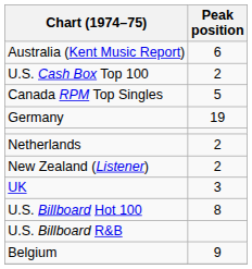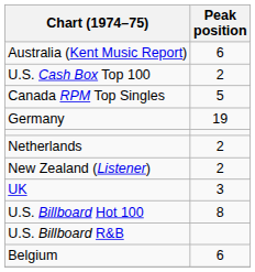 <table class="wikitable sortable">
 <tr>
 <th>Chart (1974–75)</th>
 <th>Peak<br>position</th>
 </tr>
 <tr>
 <td>Australia (<a href='#'>Kent Music Report</a>)</td>
 <td style="text-align:center;">6</td>
 </tr>
 <tr>
 <td>U.S. <a href='#'><em>Cash Box</em></a> Top 100</td>
 <td style="text-align:center;">2</td>
 </tr>
 <tr>
 <td>Canada <em><a href='#'>RPM</a></em> Top Singles</td>
 <td style="text-align:center;">5</td>
 </tr>
 <tr>
 <td>Germany</td>
 <td style="text-align:center;">19</td>
 </tr>
 <tr>
 <td></td>
 </tr>
 <tr>
 <td>Netherlands</td>
 <td style="text-align:center;">2</td>
 </tr>
 <tr>
 <td>New Zealand (<em><a href='#'>Listener</a></em>)</td>
 <td style="text-align:center;">2</td>
 </tr>
 <tr>
 <td><a href='#'>UK</a></td>
 <td style="text-align:center;">3</td>
 </tr>
 <tr>
 <td>U.S. <em><a href='#'>Billboard</a></em> <a href='#'>Hot 100</a></td>
 <td style="text-align:center;">8</td>
 </tr>
 <tr>
 <td>U.S. <em>Billboard</em> <a href='#'>R&B</a></td>
 <td style="text-align:center;"></td>
 </tr>
 <tr>
 <td>Belgium</td>
-<td align="center">9</td>
+<td align="center">6</td>
 </tr>
 <tr>
 </tr>
 </table>
